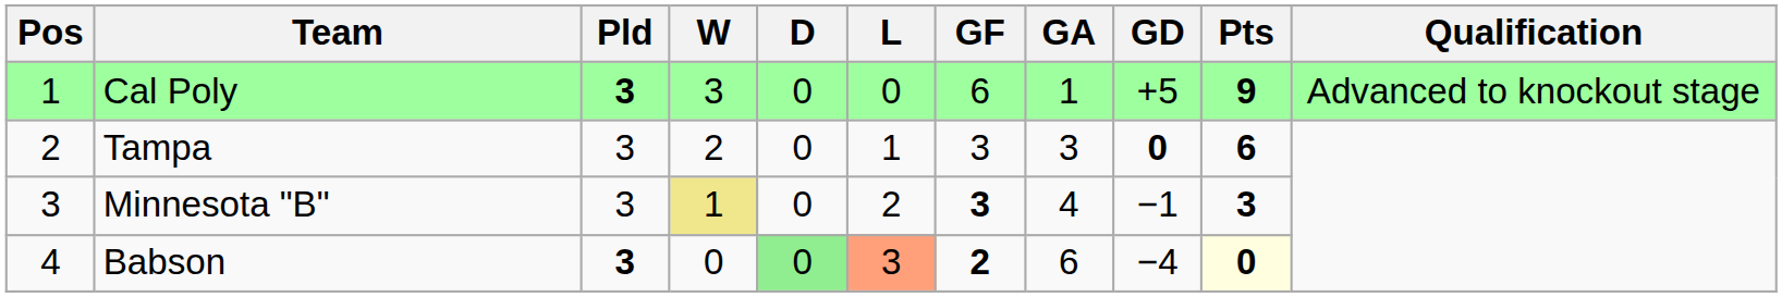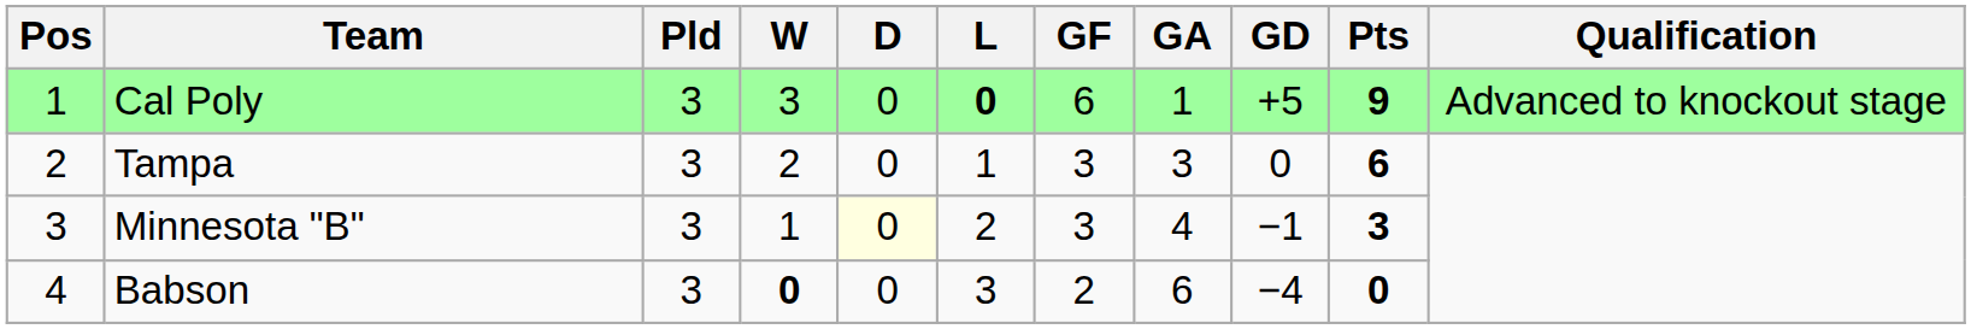 <table class="wikitable" style="text-align:center; margin: 1em auto">
 <tr>
 <th style="width:2em">Pos</th>
 <th style="width:13em">Team</th>
 <th style="width:2em">Pld</th>
 <th style="width:2em">W</th>
 <th style="width:2em">D</th>
 <th style="width:2em">L</th>
 <th style="width:2em">GF</th>
 <th style="width:2em">GA</th>
 <th style="width:2em">GD</th>
 <th style="width:2em">Pts</th>
 <th style="width:13em">Qualification</th>
 </tr>
 <tr bgcolor="#9eff9e">
 <td>1</td>
 <td style="text-align:left">Cal Poly</td>
-<td><strong>3</strong></td>
+<td>3</td>
 <td>3</td>
 <td>0</td>
-<td>0</td>
+<td><strong>0</strong></td>
 <td>6</td>
 <td>1</td>
 <td>+5</td>
 <td><strong>9</strong></td>
 <td>Advanced to knockout stage</td>
 </tr>
 <tr>
 <td>2</td>
 <td style="text-align:left">Tampa</td>
 <td>3</td>
 <td>2</td>
 <td>0</td>
 <td>1</td>
 <td>3</td>
 <td>3</td>
-<td><strong>0</strong></td>
+<td>0</td>
 <td><strong>6</strong></td>
 <td rowspan="3"></td>
 </tr>
 <tr>
 <td>3</td>
 <td style="text-align:left">Minnesota "B"</td>
 <td>3</td>
-<td style="background: khaki;">1</td>
-<td>0</td>
+<td>1</td>
+<td style="background: lightyellow;">0</td>
 <td>2</td>
-<td><strong>3</strong></td>
+<td>3</td>
 <td>4</td>
 <td>−1</td>
 <td><strong>3</strong></td>
 </tr>
 <tr>
 <td>4</td>
 <td style="text-align:left">Babson</td>
-<td><strong>3</strong></td>
+<td>3</td>
+<td><strong>0</strong></td>
 <td>0</td>
-<td style="background: lightgreen;">0</td>
-<td style="background: lightsalmon;">3</td>
-<td><strong>2</strong></td>
+<td>3</td>
+<td>2</td>
 <td>6</td>
 <td>−4</td>
-<td style="background: lightyellow;"><strong>0</strong></td>
+<td><strong>0</strong></td>
 </tr>
 </table>
